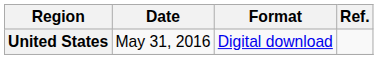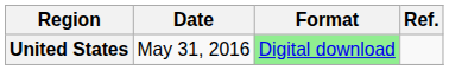 <table class="wikitable plainrowheaders">
 <tr>
 <th>Region</th>
 <th>Date</th>
 <th>Format</th>
 <th>Ref.</th>
 </tr>
 <tr>
 <th scope="row" rowspan="2">United States</th>
 <td rowspan="1">May 31, 2016</td>
-<td rowspan="1"><a href='#'>Digital download</a></td>
+<td rowspan="1" style="background: lightgreen;"><a href='#'>Digital download</a></td>
 <td><br></td>
 </tr>
 <tr>
 </tr>
 </table>
